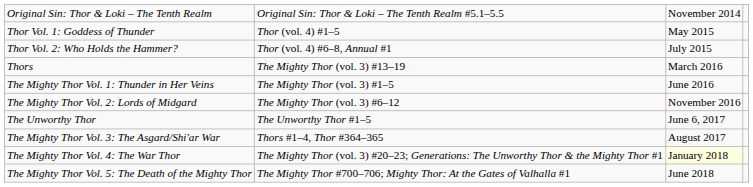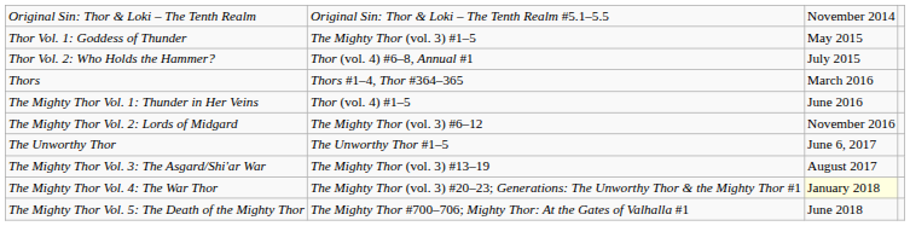 <table class="wikitable sortable">
 <tr>
 <td><em>Original Sin: Thor & Loki – The Tenth Realm</em></td>
 <td><em>Original Sin: Thor & Loki – The Tenth Realm</em> #5.1–5.5</td>
 <td>November 2014</td>
 <td></td>
 </tr>
 <tr>
 <td><em>Thor Vol. 1: Goddess of Thunder</em></td>
-<td><em>Thor</em> (vol. 4) #1–5</td>
+<td><em>The Mighty Thor</em> (vol. 3) #1–5</td>
 <td>May 2015</td>
 <td></td>
 </tr>
 <tr>
 <td><em>Thor Vol. 2: Who Holds the Hammer?</em></td>
 <td><em>Thor</em> (vol. 4) #6–8, <em>Annual</em> #1</td>
 <td>July 2015</td>
 <td></td>
 </tr>
 <tr>
 <td><em>Thors</em></td>
-<td><em>The Mighty Thor</em> (vol. 3) #13–19</td>
+<td><em>Thors</em> #1–4, <em>Thor</em> #364–365</td>
 <td>March 2016</td>
 <td></td>
 </tr>
 <tr>
 <td><em>The Mighty Thor Vol. 1: Thunder in Her Veins</em></td>
-<td><em>The Mighty Thor</em> (vol. 3) #1–5</td>
+<td><em>Thor</em> (vol. 4) #1–5</td>
 <td>June 2016</td>
 <td></td>
 </tr>
 <tr>
 <td><em>The Mighty Thor Vol. 2: Lords of Midgard</em></td>
 <td><em>The Mighty Thor</em> (vol. 3) #6–12</td>
 <td>November 2016</td>
 <td></td>
 </tr>
 <tr>
 <td><em>The Unworthy Thor</em></td>
 <td><em>The Unworthy Thor</em> #1–5</td>
 <td>June 6, 2017</td>
 <td></td>
 </tr>
 <tr>
 <td><em>The Mighty Thor Vol. 3: The Asgard/Shi'ar War</em></td>
-<td><em>Thors</em> #1–4, <em>Thor</em> #364–365</td>
+<td><em>The Mighty Thor</em> (vol. 3) #13–19</td>
 <td>August 2017</td>
 <td></td>
 </tr>
 <tr>
 <td><em>The Mighty Thor Vol. 4: The War Thor</em></td>
 <td><em>The Mighty Thor</em> (vol. 3) #20–23; <em>Generations: The Unworthy Thor & the Mighty Thor</em> #1</td>
 <td style="background: lightyellow;">January 2018</td>
 <td></td>
 </tr>
 <tr>
 <td><em>The Mighty Thor Vol. 5: The Death of the Mighty Thor</em></td>
 <td><em>The Mighty Thor</em> #700–706; <em>Mighty Thor: At the Gates of Valhalla</em> #1</td>
 <td>June 2018</td>
 <td></td>
 </tr>
 </table>
